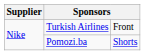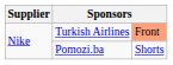 <table class="wikitable">
 <tr>
 <th>Supplier</th>
 <th colspan=2>Sponsors</th>
 </tr>
 <tr>
 <td rowspan=3> <a href='#'>Nike</a></td>
 <td> <a href='#'>Turkish Airlines</a></td>
-<td>Front</td>
+<td style="background: lightsalmon;">Front</td>
 </tr>
 <tr>
 <td> <a href='#'>Pomozi.ba</a></td>
 <td rowspan=2><a href='#'>Shorts</a></td>
 </tr>
 </table>
